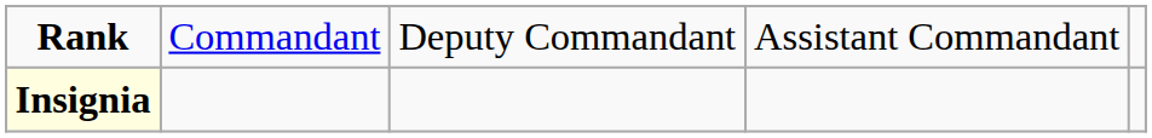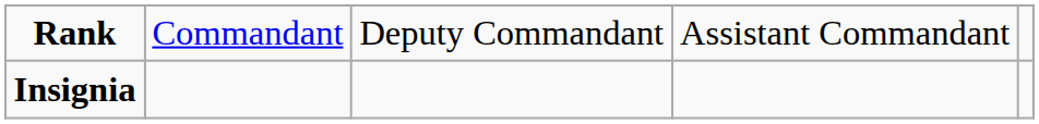 <table class="wikitable" style="text-align:center">
 <tr>
 <td><strong>Rank</strong></td>
 <td><a href='#'>Commandant</a></td>
 <td>Deputy Commandant</td>
 <td>Assistant Commandant</td>
 <td></td>
 </tr>
 <tr>
-<td style="background: lightyellow;"><strong>Insignia</strong></td>
+<td><strong>Insignia</strong></td>
 <td></td>
 <td></td>
 <td></td>
 </tr>
 </table>
